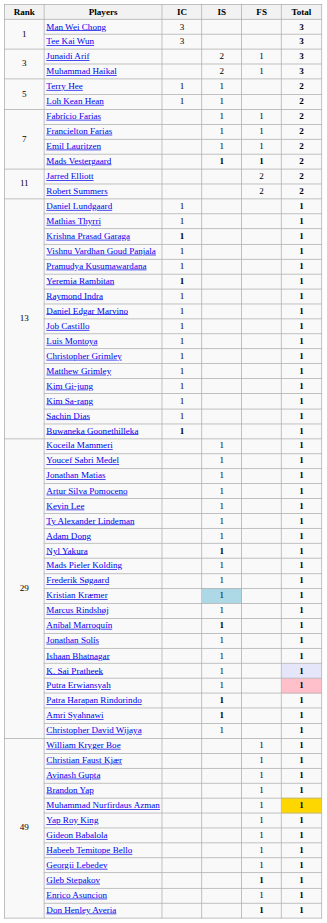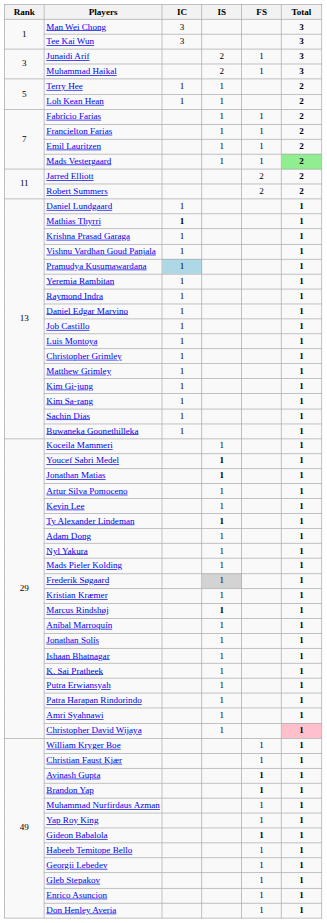 <table class="wikitable" style="font-size:80%; text-align:center">
 <tr>
 <th width="50">Rank</th>
 <th width="150">Players</th>
 <th width="50">IC</th>
 <th width="50">IS</th>
 <th width="50">FS</th>
 <th width="50">Total</th>
 </tr>
 <tr>
 <td rowspan="2">1</td>
 <td align="left"> <a href='#'>Man Wei Chong</a></td>
 <td>3</td>
 <td></td>
 <td></td>
 <td><strong>3</strong></td>
 </tr>
 <tr>
 <td align="left"> <a href='#'>Tee Kai Wun</a></td>
 <td>3</td>
 <td></td>
 <td></td>
 <td><strong>3</strong></td>
 </tr>
 <tr>
 <td rowspan="2">3</td>
 <td align="left"> <a href='#'>Junaidi Arif</a></td>
 <td></td>
 <td>2</td>
 <td>1</td>
 <td><strong>3</strong></td>
 </tr>
 <tr>
 <td align="left"> <a href='#'>Muhammad Haikal</a></td>
 <td></td>
 <td>2</td>
 <td>1</td>
 <td><strong>3</strong></td>
 </tr>
 <tr>
 <td rowspan="2">5</td>
 <td align="left"> <a href='#'>Terry Hee</a></td>
 <td>1</td>
 <td>1</td>
 <td></td>
 <td><strong>2</strong></td>
 </tr>
 <tr>
 <td align="left"> <a href='#'>Loh Kean Hean</a></td>
 <td>1</td>
 <td>1</td>
 <td></td>
 <td><strong>2</strong></td>
 </tr>
 <tr>
 <td rowspan="4">7</td>
 <td align="left"> <a href='#'>Fabrício Farias</a></td>
 <td></td>
 <td>1</td>
 <td>1</td>
 <td><strong>2</strong></td>
 </tr>
 <tr>
 <td align="left"> <a href='#'>Francielton Farias</a></td>
 <td></td>
 <td>1</td>
 <td>1</td>
 <td><strong>2</strong></td>
 </tr>
 <tr>
 <td align="left"> <a href='#'>Emil Lauritzen</a></td>
 <td></td>
 <td>1</td>
 <td>1</td>
 <td><strong>2</strong></td>
 </tr>
 <tr>
 <td align="left"> <a href='#'>Mads Vestergaard</a></td>
 <td></td>
-<td><strong>1</strong></td>
-<td><strong>1</strong></td>
-<td><strong>2</strong></td>
+<td>1</td>
+<td>1</td>
+<td style="background: lightgreen;"><strong>2</strong></td>
 </tr>
 <tr>
 <td rowspan="2">11</td>
 <td align="left"> <a href='#'>Jarred Elliott</a></td>
 <td></td>
 <td></td>
 <td>2</td>
 <td><strong>2</strong></td>
 </tr>
 <tr>
 <td align="left"> <a href='#'>Robert Summers</a></td>
 <td></td>
 <td></td>
 <td>2</td>
 <td><strong>2</strong></td>
 </tr>
 <tr>
 <td rowspan="16">13</td>
 <td align="left"> <a href='#'>Daniel Lundgaard</a></td>
 <td>1</td>
 <td></td>
 <td></td>
 <td><strong>1</strong></td>
 </tr>
 <tr>
 <td align="left"> <a href='#'>Mathias Thyrri</a></td>
-<td>1</td>
+<td><strong>1</strong></td>
 <td></td>
 <td></td>
 <td><strong>1</strong></td>
 </tr>
 <tr>
 <td align="left"> <a href='#'>Krishna Prasad Garaga</a></td>
-<td><strong>1</strong></td>
+<td>1</td>
 <td></td>
 <td></td>
 <td><strong>1</strong></td>
 </tr>
 <tr>
 <td align="left"> <a href='#'>Vishnu Vardhan Goud Panjala</a></td>
 <td>1</td>
 <td></td>
 <td></td>
 <td><strong>1</strong></td>
 </tr>
 <tr>
 <td align="left"> <a href='#'>Pramudya Kusumawardana</a></td>
-<td>1</td>
+<td style="background: lightblue;">1</td>
 <td></td>
 <td></td>
 <td><strong>1</strong></td>
 </tr>
 <tr>
 <td align="left"> <a href='#'>Yeremia Rambitan</a></td>
-<td><strong>1</strong></td>
+<td>1</td>
 <td></td>
 <td></td>
 <td><strong>1</strong></td>
 </tr>
 <tr>
 <td align="left"> <a href='#'>Raymond Indra</a></td>
 <td>1</td>
 <td></td>
 <td></td>
 <td><strong>1</strong></td>
 </tr>
 <tr>
 <td align="left"> <a href='#'>Daniel Edgar Marvino</a></td>
 <td>1</td>
 <td></td>
 <td></td>
 <td><strong>1</strong></td>
 </tr>
 <tr>
 <td align="left"> <a href='#'>Job Castillo</a></td>
 <td>1</td>
 <td></td>
 <td></td>
 <td><strong>1</strong></td>
 </tr>
 <tr>
 <td align="left"> <a href='#'>Luis Montoya</a></td>
 <td>1</td>
 <td></td>
 <td></td>
 <td><strong>1</strong></td>
 </tr>
 <tr>
 <td align="left"> <a href='#'>Christopher Grimley</a></td>
 <td>1</td>
 <td></td>
 <td></td>
 <td><strong>1</strong></td>
 </tr>
 <tr>
 <td align="left"> <a href='#'>Matthew Grimley</a></td>
 <td>1</td>
 <td></td>
 <td></td>
 <td><strong>1</strong></td>
 </tr>
 <tr>
 <td align="left"> <a href='#'>Kim Gi-jung</a></td>
 <td>1</td>
 <td></td>
 <td></td>
 <td><strong>1</strong></td>
 </tr>
 <tr>
 <td align="left"> <a href='#'>Kim Sa-rang</a></td>
 <td>1</td>
 <td></td>
 <td></td>
 <td><strong>1</strong></td>
 </tr>
 <tr>
 <td align="left"> <a href='#'>Sachin Dias</a></td>
 <td>1</td>
 <td></td>
 <td></td>
 <td><strong>1</strong></td>
 </tr>
 <tr>
 <td align="left"> <a href='#'>Buwaneka Goonethilleka</a></td>
-<td><strong>1</strong></td>
+<td>1</td>
 <td></td>
 <td></td>
 <td><strong>1</strong></td>
 </tr>
 <tr>
 <td rowspan="20">29</td>
 <td align="left"> <a href='#'>Koceila Mammeri</a></td>
 <td></td>
 <td>1</td>
 <td></td>
 <td><strong>1</strong></td>
 </tr>
 <tr>
 <td align="left"> <a href='#'>Youcef Sabri Medel</a></td>
 <td></td>
-<td>1</td>
+<td><strong>1</strong></td>
 <td></td>
 <td><strong>1</strong></td>
 </tr>
 <tr>
 <td align="left"> <a href='#'>Jonathan Matias</a></td>
 <td></td>
-<td>1</td>
+<td><strong>1</strong></td>
 <td></td>
 <td><strong>1</strong></td>
 </tr>
 <tr>
 <td align="left"> <a href='#'>Artur Silva Pomoceno</a></td>
 <td></td>
 <td>1</td>
 <td></td>
 <td><strong>1</strong></td>
 </tr>
 <tr>
 <td align="left"> <a href='#'>Kevin Lee</a></td>
 <td></td>
 <td>1</td>
 <td></td>
 <td><strong>1</strong></td>
 </tr>
 <tr>
 <td align="left"> <a href='#'>Ty Alexander Lindeman</a></td>
 <td></td>
-<td>1</td>
+<td><strong>1</strong></td>
 <td></td>
 <td><strong>1</strong></td>
 </tr>
 <tr>
 <td align="left"> <a href='#'>Adam Dong</a></td>
 <td></td>
 <td>1</td>
 <td></td>
 <td><strong>1</strong></td>
 </tr>
 <tr>
 <td align="left"> <a href='#'>Nyl Yakura</a></td>
 <td></td>
-<td><strong>1</strong></td>
+<td>1</td>
 <td></td>
 <td><strong>1</strong></td>
 </tr>
 <tr>
 <td align="left"> <a href='#'>Mads Pieler Kolding</a></td>
 <td></td>
 <td>1</td>
 <td></td>
 <td><strong>1</strong></td>
 </tr>
 <tr>
 <td align="left"> <a href='#'>Frederik Søgaard</a></td>
 <td></td>
-<td>1</td>
+<td style="background: lightgrey;">1</td>
 <td></td>
 <td><strong>1</strong></td>
 </tr>
 <tr>
 <td align="left"> <a href='#'>Kristian Kræmer</a></td>
 <td></td>
-<td style="background: lightblue;">1</td>
+<td>1</td>
 <td></td>
 <td><strong>1</strong></td>
 </tr>
 <tr>
 <td align="left"> <a href='#'>Marcus Rindshøj</a></td>
 <td></td>
-<td>1</td>
+<td><strong>1</strong></td>
 <td></td>
 <td><strong>1</strong></td>
 </tr>
 <tr>
 <td align="left"> <a href='#'>Aníbal Marroquín</a></td>
 <td></td>
-<td><strong>1</strong></td>
+<td>1</td>
 <td></td>
 <td><strong>1</strong></td>
 </tr>
 <tr>
 <td align="left"> <a href='#'>Jonathan Solís</a></td>
 <td></td>
 <td>1</td>
 <td></td>
 <td><strong>1</strong></td>
 </tr>
 <tr>
 <td align="left"> <a href='#'>Ishaan Bhatnagar</a></td>
 <td></td>
 <td>1</td>
 <td></td>
 <td><strong>1</strong></td>
 </tr>
 <tr>
 <td align="left"> <a href='#'>K. Sai Pratheek</a></td>
 <td></td>
 <td>1</td>
 <td></td>
-<td style="background: lavender;"><strong>1</strong></td>
+<td><strong>1</strong></td>
 </tr>
 <tr>
 <td align="left"> <a href='#'>Putra Erwiansyah</a></td>
 <td></td>
 <td>1</td>
 <td></td>
-<td style="background: pink;"><strong>1</strong></td>
+<td><strong>1</strong></td>
 </tr>
 <tr>
 <td align="left"> <a href='#'>Patra Harapan Rindorindo</a></td>
 <td></td>
-<td><strong>1</strong></td>
+<td>1</td>
 <td></td>
 <td><strong>1</strong></td>
 </tr>
 <tr>
 <td align="left"> <a href='#'>Amri Syahnawi</a></td>
 <td></td>
-<td><strong>1</strong></td>
+<td>1</td>
 <td></td>
 <td><strong>1</strong></td>
 </tr>
 <tr>
 <td align="left"> <a href='#'>Christopher David Wijaya</a></td>
 <td></td>
 <td>1</td>
 <td></td>
-<td><strong>1</strong></td>
+<td style="background: pink;"><strong>1</strong></td>
 </tr>
 <tr>
 <td rowspan="14">49</td>
 <td align="left"> <a href='#'>William Kryger Boe</a></td>
 <td></td>
 <td></td>
 <td>1</td>
 <td><strong>1</strong></td>
 </tr>
 <tr>
 <td align="left"> <a href='#'>Christian Faust Kjær</a></td>
 <td></td>
 <td></td>
 <td>1</td>
 <td><strong>1</strong></td>
 </tr>
 <tr>
 <td align="left"> <a href='#'>Avinash Gupta</a></td>
 <td></td>
 <td></td>
-<td>1</td>
+<td><strong>1</strong></td>
 <td><strong>1</strong></td>
 </tr>
 <tr>
 <td align="left"> <a href='#'>Brandon Yap</a></td>
 <td></td>
 <td></td>
-<td>1</td>
+<td><strong>1</strong></td>
 <td><strong>1</strong></td>
 </tr>
 <tr>
 <td align="left" nowrap> <a href='#'>Muhammad Nurfirdaus Azman</a></td>
 <td></td>
 <td></td>
 <td>1</td>
-<td style="background: gold;"><strong>1</strong></td>
+<td><strong>1</strong></td>
 </tr>
 <tr>
 <td align="left"> <a href='#'>Yap Roy King</a></td>
 <td></td>
 <td></td>
 <td>1</td>
 <td><strong>1</strong></td>
 </tr>
 <tr>
 <td align="left"> <a href='#'>Gideon Babalola</a></td>
 <td></td>
 <td></td>
-<td>1</td>
+<td><strong>1</strong></td>
 <td><strong>1</strong></td>
 </tr>
 <tr>
 <td align="left"> <a href='#'>Habeeb Temitope Bello</a></td>
 <td></td>
 <td></td>
 <td>1</td>
 <td><strong>1</strong></td>
 </tr>
 <tr>
 <td align="left"> <a href='#'>Georgii Lebedev</a></td>
 <td></td>
 <td></td>
 <td>1</td>
 <td><strong>1</strong></td>
 </tr>
 <tr>
 <td align="left"> <a href='#'>Gleb Stepakov</a></td>
 <td></td>
 <td></td>
-<td><strong>1</strong></td>
+<td>1</td>
 <td><strong>1</strong></td>
 </tr>
 <tr>
 <td align="left"> <a href='#'>Enrico Asuncion</a></td>
 <td></td>
 <td></td>
 <td>1</td>
 <td><strong>1</strong></td>
 </tr>
 <tr>
 <td align="left"> <a href='#'>Don Henley Averia</a></td>
 <td></td>
 <td></td>
-<td><strong>1</strong></td>
+<td>1</td>
 <td><strong>1</strong></td>
 </tr>
 </table>
